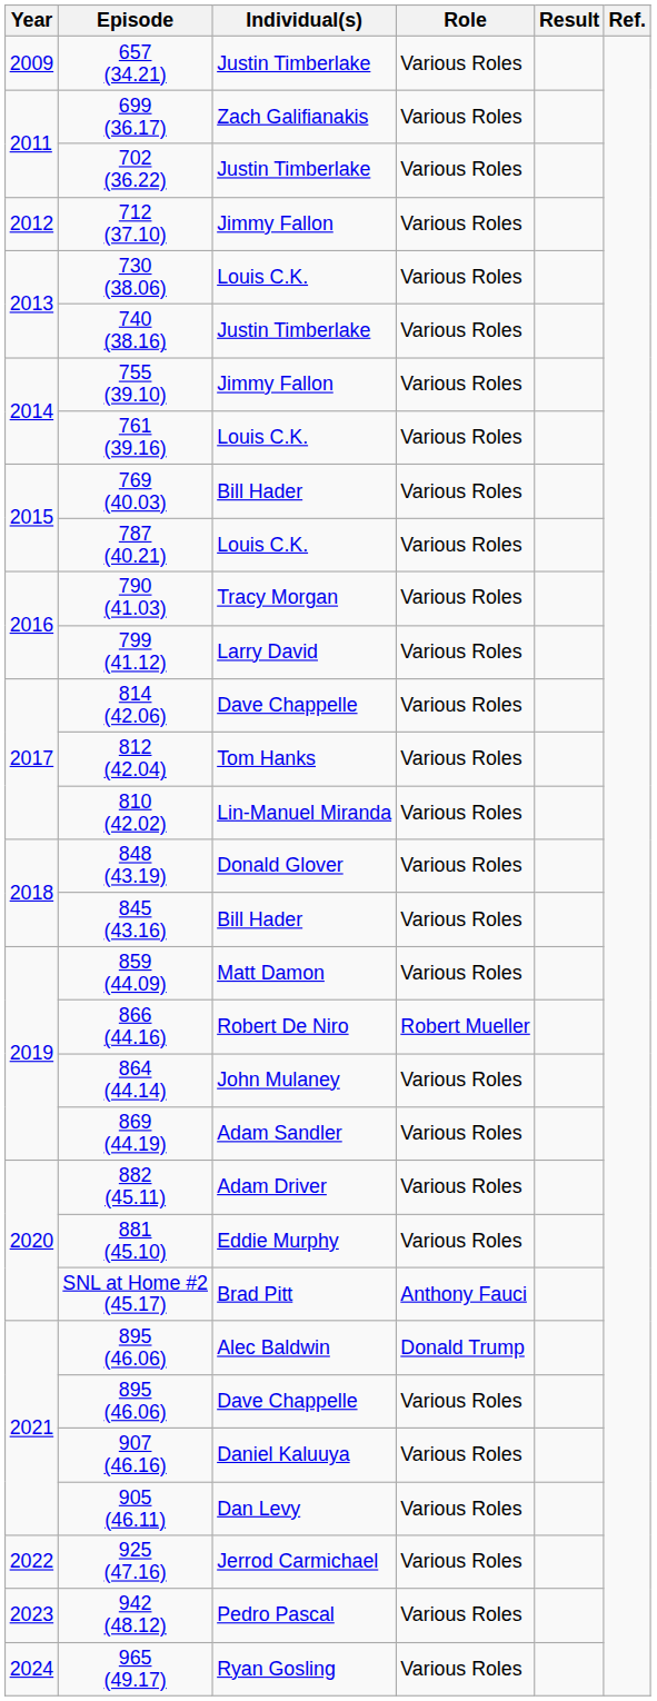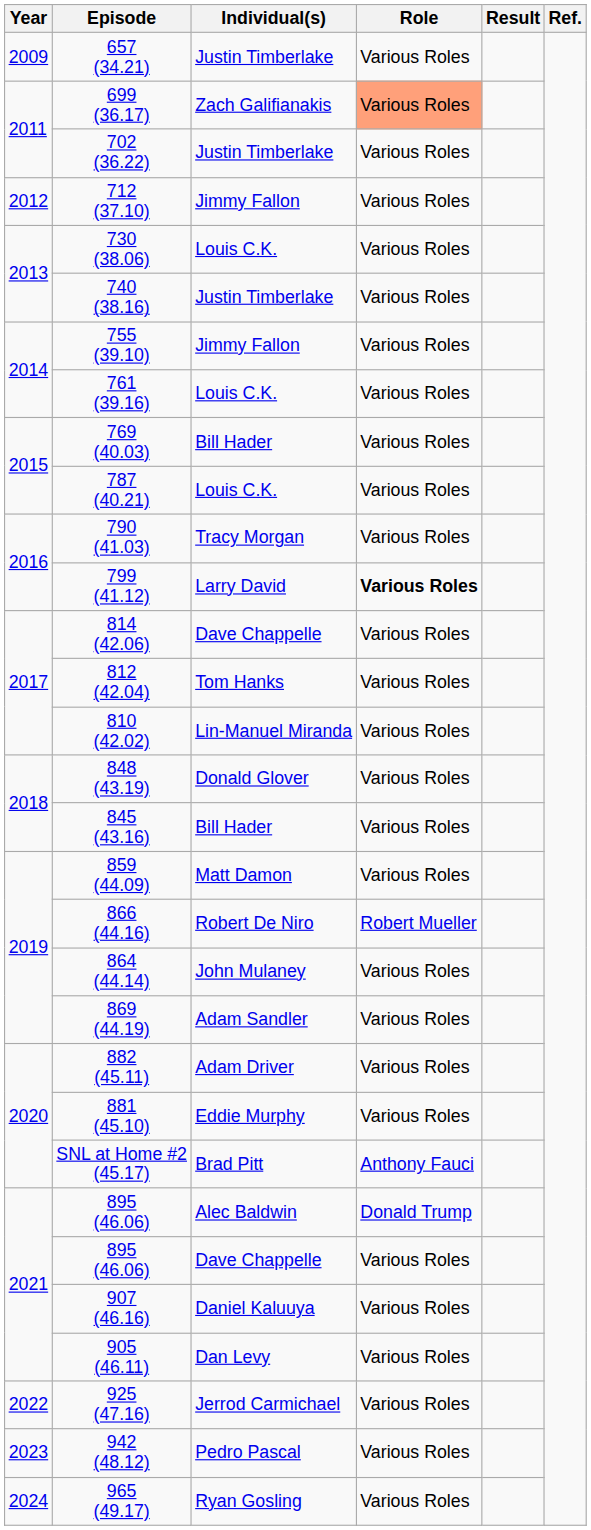 <table class="wikitable">
 <tr>
 <th>Year</th>
 <th>Episode</th>
 <th>Individual(s)</th>
 <th>Role</th>
 <th>Result</th>
 <th>Ref.</th>
 </tr>
 <tr>
 <td><a href='#'>2009</a></td>
 <td align="center"><a href='#'>657 <br> (34.21)</a></td>
 <td><a href='#'>Justin Timberlake</a></td>
 <td>Various Roles</td>
 <td></td>
 <td rowspan="31" align="center"></td>
 </tr>
 <tr>
 <td rowspan="2"><a href='#'>2011</a></td>
 <td align="center"><a href='#'>699 <br> (36.17)</a></td>
 <td><a href='#'>Zach Galifianakis</a></td>
-<td>Various Roles</td>
+<td style="background: lightsalmon;">Various Roles</td>
 <td></td>
 </tr>
 <tr>
 <td align="center"><a href='#'>702 <br> (36.22)</a></td>
 <td><a href='#'>Justin Timberlake</a></td>
 <td>Various Roles</td>
 <td></td>
 </tr>
 <tr>
 <td><a href='#'>2012</a></td>
 <td align="center"><a href='#'>712 <br> (37.10)</a></td>
 <td><a href='#'>Jimmy Fallon</a></td>
 <td>Various Roles</td>
 <td></td>
 </tr>
 <tr>
 <td rowspan="2"><a href='#'>2013</a></td>
 <td align="center"><a href='#'>730 <br> (38.06)</a></td>
 <td><a href='#'>Louis C.K.</a></td>
 <td>Various Roles</td>
 <td></td>
 </tr>
 <tr>
 <td align="center"><a href='#'>740 <br> (38.16)</a></td>
 <td><a href='#'>Justin Timberlake</a></td>
 <td>Various Roles</td>
 <td></td>
 </tr>
 <tr>
 <td rowspan="2"><a href='#'>2014</a></td>
 <td align="center"><a href='#'>755 <br> (39.10)</a></td>
 <td><a href='#'>Jimmy Fallon</a></td>
 <td>Various Roles</td>
 <td></td>
 </tr>
 <tr>
 <td align="center"><a href='#'>761 <br> (39.16)</a></td>
 <td><a href='#'>Louis C.K.</a></td>
 <td>Various Roles</td>
 <td></td>
 </tr>
 <tr>
 <td rowspan="2"><a href='#'>2015</a></td>
 <td align="center"><a href='#'>769 <br> (40.03)</a></td>
 <td><a href='#'>Bill Hader</a></td>
 <td>Various Roles</td>
 <td></td>
 </tr>
 <tr>
 <td align="center"><a href='#'>787 <br> (40.21)</a></td>
 <td><a href='#'>Louis C.K.</a></td>
 <td>Various Roles</td>
 <td></td>
 </tr>
 <tr>
 <td rowspan="2"><a href='#'>2016</a></td>
 <td align="center"><a href='#'>790 <br> (41.03)</a></td>
 <td><a href='#'>Tracy Morgan</a></td>
 <td>Various Roles</td>
 <td></td>
 </tr>
 <tr>
 <td align="center"><a href='#'>799 <br> (41.12)</a></td>
 <td><a href='#'>Larry David</a></td>
-<td>Various Roles</td>
+<td><strong>Various Roles</strong></td>
 <td></td>
 </tr>
 <tr>
 <td rowspan="3"><a href='#'>2017</a></td>
 <td align="center"><a href='#'>814 <br> (42.06)</a></td>
 <td><a href='#'>Dave Chappelle</a></td>
 <td>Various Roles</td>
 <td></td>
 </tr>
 <tr>
 <td align="center"><a href='#'>812 <br> (42.04)</a></td>
 <td><a href='#'>Tom Hanks</a></td>
 <td>Various Roles</td>
 <td></td>
 </tr>
 <tr>
 <td align="center"><a href='#'>810 <br> (42.02)</a></td>
 <td><a href='#'>Lin-Manuel Miranda</a></td>
 <td>Various Roles</td>
 <td></td>
 </tr>
 <tr>
 <td rowspan="2"><a href='#'>2018</a></td>
 <td align="center"><a href='#'>848 <br> (43.19)</a></td>
 <td><a href='#'>Donald Glover</a></td>
 <td>Various Roles</td>
 <td></td>
 </tr>
 <tr>
 <td align="center"><a href='#'>845 <br> (43.16)</a></td>
 <td><a href='#'>Bill Hader</a></td>
 <td>Various Roles</td>
 <td></td>
 </tr>
 <tr>
 <td rowspan="4"><a href='#'>2019</a></td>
 <td align="center"><a href='#'>859 <br> (44.09)</a></td>
 <td><a href='#'>Matt Damon</a></td>
 <td>Various Roles</td>
 <td></td>
 </tr>
 <tr>
 <td align="center"><a href='#'>866 <br> (44.16)</a></td>
 <td><a href='#'>Robert De Niro</a></td>
 <td><a href='#'>Robert Mueller</a></td>
 <td></td>
 </tr>
 <tr>
 <td align="center"><a href='#'>864 <br> (44.14)</a></td>
 <td><a href='#'>John Mulaney</a></td>
 <td>Various Roles</td>
 <td></td>
 </tr>
 <tr>
 <td align="center"><a href='#'>869 <br> (44.19)</a></td>
 <td><a href='#'>Adam Sandler</a></td>
 <td>Various Roles</td>
 <td></td>
 </tr>
 <tr>
 <td rowspan="3"><a href='#'>2020</a></td>
 <td align="center"><a href='#'>882 <br> (45.11)</a></td>
 <td><a href='#'>Adam Driver</a></td>
 <td>Various Roles</td>
 <td></td>
 </tr>
 <tr>
 <td align="center"><a href='#'>881 <br> (45.10)</a></td>
 <td><a href='#'>Eddie Murphy</a></td>
 <td>Various Roles</td>
 <td></td>
 </tr>
 <tr>
 <td align="center"><a href='#'>SNL at Home #2 <br> (45.17)</a></td>
 <td><a href='#'>Brad Pitt</a></td>
 <td><a href='#'>Anthony Fauci</a></td>
 <td></td>
 </tr>
 <tr>
 <td rowspan="4"><a href='#'>2021</a></td>
 <td align="center"><a href='#'>895 <br> (46.06)</a></td>
 <td><a href='#'>Alec Baldwin</a></td>
 <td><a href='#'>Donald Trump</a></td>
 <td></td>
 </tr>
 <tr>
 <td align="center"><a href='#'>895 <br> (46.06)</a></td>
 <td><a href='#'>Dave Chappelle</a></td>
 <td>Various Roles</td>
 <td></td>
 </tr>
 <tr>
 <td align="center"><a href='#'>907 <br> (46.16)</a></td>
 <td><a href='#'>Daniel Kaluuya</a></td>
 <td>Various Roles</td>
 <td></td>
 </tr>
 <tr>
 <td align="center"><a href='#'>905 <br> (46.11)</a></td>
 <td><a href='#'>Dan Levy</a></td>
 <td>Various Roles</td>
 <td></td>
 </tr>
 <tr>
 <td><a href='#'>2022</a></td>
 <td align="center"><a href='#'>925 <br> (47.16)</a></td>
 <td><a href='#'>Jerrod Carmichael</a></td>
 <td>Various Roles</td>
 <td></td>
 </tr>
 <tr>
 <td><a href='#'>2023</a></td>
 <td align="center"><a href='#'>942 <br> (48.12)</a></td>
 <td><a href='#'>Pedro Pascal</a></td>
 <td>Various Roles</td>
 <td></td>
 </tr>
 <tr>
 <td><a href='#'>2024</a></td>
 <td align="center"><a href='#'>965 <br> (49.17)</a></td>
 <td><a href='#'>Ryan Gosling</a></td>
 <td>Various Roles</td>
 <td></td>
 </tr>
 </table>
